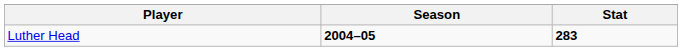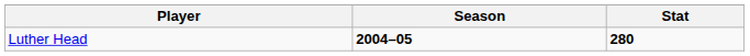 <table class="wikitable sortable" style="text-align: left; width: 65%">
 <tr>
 </tr>
 <tr>
 <th>Player</th>
 <th>Season</th>
 <th>Stat</th>
 </tr>
 <tr>
 <td><a href='#'>Luther Head</a></td>
 <td><strong>2004–05</strong></td>
-<td><strong>283</strong></td>
+<td><strong>280</strong></td>
 </tr>
 </table>
